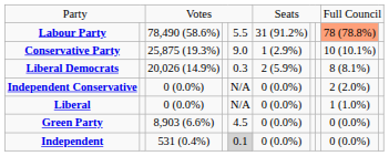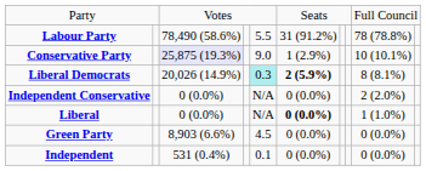 <table class=wikitable style="text-align:center;">
 <tr>
 <td colspan=2>Party</td>
 <td colspan=3>Votes</td>
 <td colspan=3>Seats</td>
 <td colspan=3>Full Council</td>
 </tr>
 <tr>
 <td><strong><a href='#'>Labour Party</a></strong></td>
 <td style="background:"></td>
 <td>78,490 (58.6%)</td>
 <td></td>
 <td> 5.5</td>
 <td>31 (91.2%)</td>
 <td></td>
 <td></td>
-<td style="background: lightsalmon;">78 (78.8%)</td>
+<td>78 (78.8%)</td>
 <td></td>
 </tr>
 <tr>
 <td><strong><a href='#'>Conservative Party</a></strong></td>
 <td style="background:"></td>
-<td>25,875 (19.3%)</td>
+<td style="background: lavender;">25,875 (19.3%)</td>
 <td></td>
 <td> 9.0</td>
 <td>1 (2.9%)</td>
 <td></td>
 <td></td>
 <td>10 (10.1%)</td>
 <td></td>
 </tr>
 <tr>
 <td><strong><a href='#'>Liberal Democrats</a></strong></td>
 <td style="background:"></td>
 <td>20,026 (14.9%)</td>
 <td></td>
-<td> 0.3</td>
-<td>2 (5.9%)</td>
+<td style="background: paleturquoise;"> 0.3</td>
+<td><strong>2 (5.9%)</strong></td>
 <td></td>
 <td></td>
 <td>8 (8.1%)</td>
 <td></td>
 </tr>
 <tr>
 <td><strong><a href='#'>Independent Conservative</a></strong></td>
 <td style="background:"></td>
 <td>0 (0.0%)</td>
 <td></td>
 <td>N/A</td>
 <td>0 (0.0%)</td>
 <td></td>
 <td></td>
 <td>2 (2.0%)</td>
 <td></td>
 </tr>
 <tr>
 <td><strong><a href='#'>Liberal</a></strong></td>
 <td style="background:"></td>
 <td>0 (0.0%)</td>
 <td></td>
 <td>N/A</td>
-<td>0 (0.0%)</td>
+<td><strong>0 (0.0%)</strong></td>
 <td></td>
 <td></td>
 <td>1 (1.0%)</td>
 <td></td>
 </tr>
 <tr>
 <td><strong><a href='#'>Green Party</a></strong></td>
 <td style="background:"></td>
 <td>8,903 (6.6%)</td>
 <td></td>
 <td> 4.5</td>
 <td>0 (0.0%)</td>
 <td></td>
 <td></td>
 <td>0 (0.0%)</td>
 <td></td>
 </tr>
 <tr>
 <td><strong><a href='#'>Independent</a></strong></td>
 <td style="background:"></td>
 <td>531 (0.4%)</td>
 <td></td>
-<td style="background: lightgrey;"> 0.1</td>
+<td> 0.1</td>
 <td>0 (0.0%)</td>
 <td></td>
 <td></td>
 <td>0 (0.0%)</td>
 <td></td>
 </tr>
 </table>
